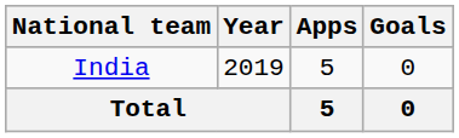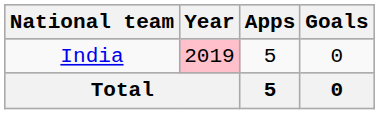 <table class="wikitable" style="text-align:center">
 <tr>
 <th>National team</th>
 <th>Year</th>
 <th>Apps</th>
 <th>Goals</th>
 </tr>
 <tr>
 <td rowspan=1><a href='#'>India</a></td>
-<td>2019</td>
+<td style="background: pink;">2019</td>
 <td>5</td>
 <td>0</td>
 </tr>
 <tr>
 <th colspan=2>Total</th>
 <th>5</th>
 <th>0</th>
 </tr>
 </table>
